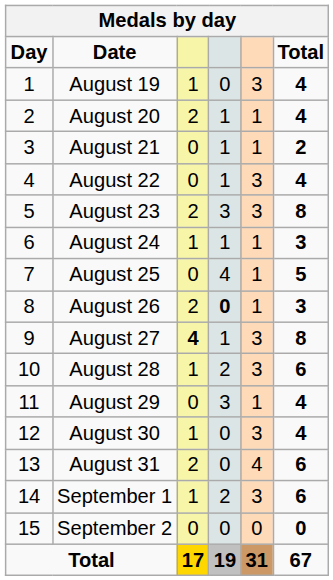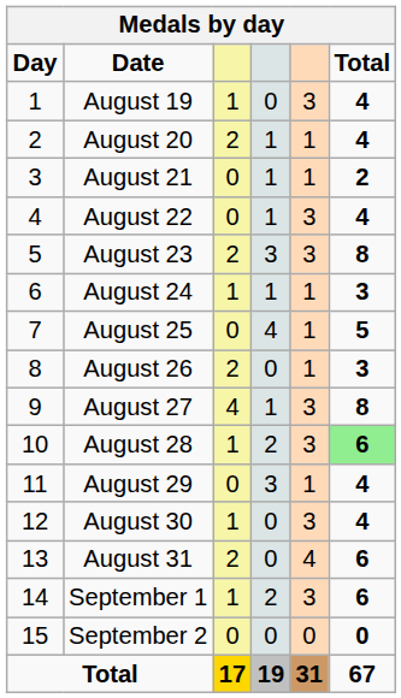 <table class=wikitable style="font-size:85%; float:right;text-align:center">
 <tr>
 <th colspan=7>Medals by day</th>
 </tr>
 <tr>
 <td><strong>Day</strong></td>
 <td><strong>Date</strong></td>
 <td bgcolor=F7F6A8></td>
 <td bgcolor=DCE5E5></td>
 <td bgcolor=FFDAB9></td>
 <td><strong>Total</strong></td>
 </tr>
 <tr>
 <td>1</td>
 <td>August 19</td>
 <td bgcolor=F7F6A8>1</td>
 <td bgcolor=DCE5E5>0</td>
 <td bgcolor=FFDAB9>3</td>
 <td><strong>4</strong></td>
 </tr>
 <tr>
 <td>2</td>
 <td>August 20</td>
 <td bgcolor=F7F6A8>2</td>
 <td bgcolor=DCE5E5>1</td>
 <td bgcolor=FFDAB9>1</td>
 <td><strong>4</strong></td>
 </tr>
 <tr>
 <td>3</td>
 <td>August 21</td>
 <td bgcolor=F7F6A8>0</td>
 <td bgcolor=DCE5E5>1</td>
 <td bgcolor=FFDAB9>1</td>
 <td><strong>2</strong></td>
 </tr>
 <tr>
 <td>4</td>
 <td>August 22</td>
 <td bgcolor=F7F6A8>0</td>
 <td bgcolor=DCE5E5>1</td>
 <td bgcolor=FFDAB9>3</td>
 <td><strong>4</strong></td>
 </tr>
 <tr>
 <td>5</td>
 <td>August 23</td>
 <td bgcolor=F7F6A8>2</td>
 <td bgcolor=DCE5E5>3</td>
 <td bgcolor=FFDAB9>3</td>
 <td><strong>8</strong></td>
 </tr>
 <tr>
 <td>6</td>
 <td>August 24</td>
 <td bgcolor=F7F6A8>1</td>
 <td bgcolor=DCE5E5>1</td>
 <td bgcolor=FFDAB9>1</td>
 <td><strong>3</strong></td>
 </tr>
 <tr>
 <td>7</td>
 <td>August 25</td>
 <td bgcolor=F7F6A8>0</td>
 <td bgcolor=DCE5E5>4</td>
 <td bgcolor=FFDAB9>1</td>
 <td><strong>5</strong></td>
 </tr>
 <tr>
 <td>8</td>
 <td>August 26</td>
 <td bgcolor=F7F6A8>2</td>
-<td bgcolor=DCE5E5><strong>0</strong></td>
+<td bgcolor=DCE5E5>0</td>
 <td bgcolor=FFDAB9>1</td>
 <td><strong>3</strong></td>
 </tr>
 <tr>
 <td>9</td>
 <td>August 27</td>
-<td bgcolor=F7F6A8><strong>4</strong></td>
+<td bgcolor=F7F6A8>4</td>
 <td bgcolor=DCE5E5>1</td>
 <td bgcolor=FFDAB9>3</td>
 <td><strong>8</strong></td>
 </tr>
 <tr>
 <td>10</td>
 <td>August 28</td>
 <td bgcolor=F7F6A8>1</td>
 <td bgcolor=DCE5E5>2</td>
 <td bgcolor=FFDAB9>3</td>
-<td><strong>6</strong></td>
+<td style="background: lightgreen;"><strong>6</strong></td>
 </tr>
 <tr>
 <td>11</td>
 <td>August 29</td>
 <td bgcolor=F7F6A8>0</td>
 <td bgcolor=DCE5E5>3</td>
 <td bgcolor=FFDAB9>1</td>
 <td><strong>4</strong></td>
 </tr>
 <tr>
 <td>12</td>
 <td>August 30</td>
 <td bgcolor=F7F6A8>1</td>
 <td bgcolor=DCE5E5>0</td>
 <td bgcolor=FFDAB9>3</td>
 <td><strong>4</strong></td>
 </tr>
 <tr>
 <td>13</td>
 <td>August 31</td>
 <td bgcolor=F7F6A8>2</td>
 <td bgcolor=DCE5E5>0</td>
 <td bgcolor=FFDAB9>4</td>
 <td><strong>6</strong></td>
 </tr>
 <tr>
 <td>14</td>
 <td>September 1</td>
 <td bgcolor=F7F6A8>1</td>
 <td bgcolor=DCE5E5>2</td>
 <td bgcolor=FFDAB9>3</td>
 <td><strong>6</strong></td>
 </tr>
 <tr>
 <td>15</td>
 <td>September 2</td>
 <td bgcolor=F7F6A8>0</td>
 <td bgcolor=DCE5E5>0</td>
 <td bgcolor=FFDAB9>0</td>
 <td><strong>0</strong></td>
 </tr>
 <tr>
 <td colspan=2><strong>Total</strong></td>
 <td style="background:gold;"><strong>17</strong></td>
 <td style="background:silver;"><strong>19</strong></td>
 <td style="background:#c96;"><strong>31</strong></td>
 <td><strong>67</strong></td>
 </tr>
 </table>
